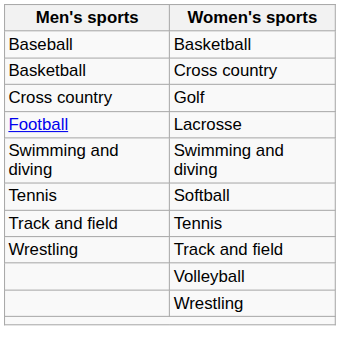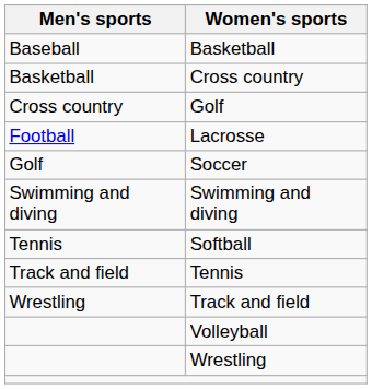 <table class="wikitable" style=" ">
 <tr>
 <th width=150px>Men's sports</th>
 <th width=150px>Women's sports</th>
 </tr>
 <tr>
 <td>Baseball</td>
 <td>Basketball</td>
 </tr>
 <tr>
 <td>Basketball</td>
 <td>Cross country</td>
 </tr>
 <tr>
 <td>Cross country</td>
 <td>Golf</td>
 </tr>
 <tr>
 <td><a href='#'>Football</a></td>
 <td>Lacrosse</td>
+</tr>
+<tr>
+<td>Golf</td>
+<td>Soccer</td>
 </tr>
 <tr>
 <td>Swimming and diving</td>
 <td>Swimming and diving</td>
 </tr>
 <tr>
 <td>Tennis</td>
 <td>Softball</td>
 </tr>
 <tr>
 <td>Track and field</td>
 <td>Tennis</td>
 </tr>
 <tr>
 <td>Wrestling</td>
 <td>Track and field</td>
 </tr>
 <tr>
 <td></td>
 <td>Volleyball</td>
 </tr>
 <tr>
 <td></td>
 <td>Wrestling</td>
 </tr>
 <tr>
 <td colspan="2"></td>
 </tr>
 </table>
